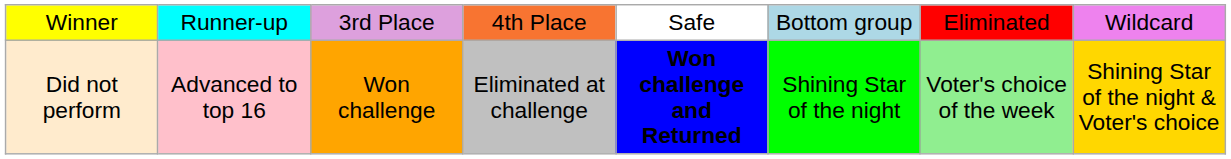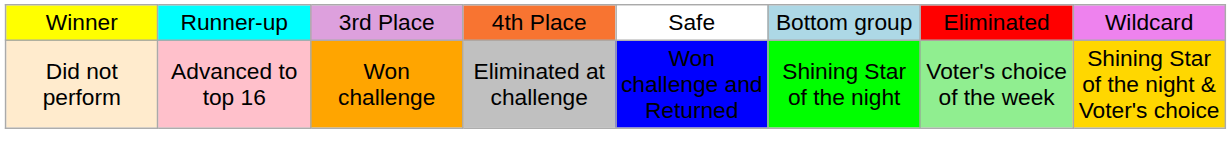 <table class="wikitable" style="margin:1em auto; text-align:center;">
 <tr>
 <td style="background:yellow; width:100px;">Winner</td>
 <td style="background:cyan; width:100px;">Runner-up</td>
 <td style="background:#dda0dd; width:100px;">3rd Place</td>
 <td style="background:#F87431; width:100px;">4th Place</td>
 <td style="background:white; width:100px;">Safe</td>
 <td style="background:lightblue; width:100px;">Bottom group</td>
 <td style="background:red; width:100px;">Eliminated</td>
 <td style="background:violet; width:100px;">Wildcard</td>
 </tr>
 <tr>
 <td style="background:#FFEBCD; width:100px;">Did not perform</td>
 <td style="background:pink; width:100px;">Advanced to top 16</td>
 <td style="background:orange; width:100px;">Won challenge</td>
 <td style="background:silver; width:100px;">Eliminated at challenge</td>
-<td style="background:blue; width:100px;"><strong>Won challenge and Returned</strong></td>
+<td style="background:blue; width:100px;">Won challenge and Returned</td>
 <td style="background:lime; width:100px;">Shining Star of the night</td>
 <td style="background:lightgreen; width:100px;">Voter's choice of the week</td>
 <td style="background:gold; width:100px;">Shining Star of the night & Voter's choice</td>
 </tr>
 </table>
